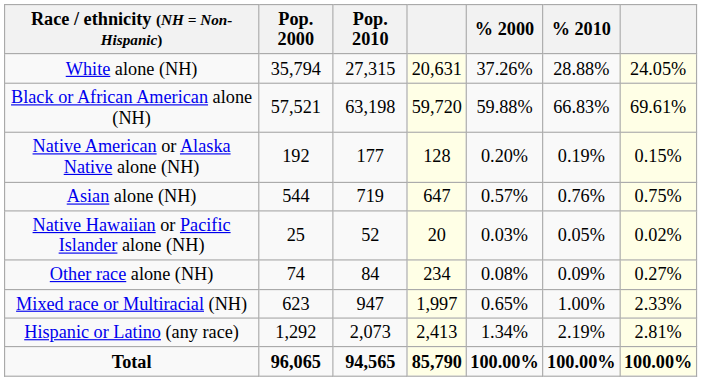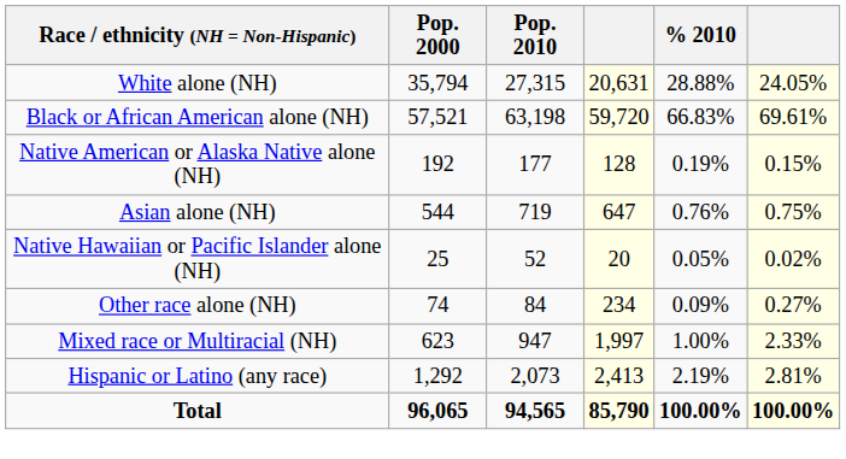 <table class="wikitable" style="text-align:center;">
 <tr>
 <th>Race / ethnicity <small>(<em>NH = Non-Hispanic</em>)</small></th>
 <th>Pop. 2000</th>
 <th>Pop. 2010</th>
 <th></th>
-<th>% 2000</th>
 <th>% 2010</th>
 <th></th>
 </tr>
 <tr>
 <td><a href='#'>White</a> alone (NH)</td>
 <td>35,794</td>
 <td>27,315</td>
 <td style='background: #ffffe6;'>20,631</td>
-<td>37.26%</td>
 <td>28.88%</td>
 <td style='background: #ffffe6;'>24.05%</td>
 </tr>
 <tr>
 <td><a href='#'>Black or African American</a> alone (NH)</td>
 <td>57,521</td>
 <td>63,198</td>
 <td style='background: #ffffe6;'>59,720</td>
-<td>59.88%</td>
 <td>66.83%</td>
 <td style='background: #ffffe6;'>69.61%</td>
 </tr>
 <tr>
 <td><a href='#'>Native American</a> or <a href='#'>Alaska Native</a> alone (NH)</td>
 <td>192</td>
 <td>177</td>
 <td style='background: #ffffe6;'>128</td>
-<td>0.20%</td>
 <td>0.19%</td>
 <td style='background: #ffffe6;'>0.15%</td>
 </tr>
 <tr>
 <td><a href='#'>Asian</a> alone (NH)</td>
 <td>544</td>
 <td>719</td>
 <td style='background: #ffffe6;'>647</td>
-<td>0.57%</td>
 <td>0.76%</td>
 <td style='background: #ffffe6;'>0.75%</td>
 </tr>
 <tr>
 <td><a href='#'>Native Hawaiian</a> or <a href='#'>Pacific Islander</a> alone (NH)</td>
 <td>25</td>
 <td>52</td>
 <td style='background: #ffffe6;'>20</td>
-<td>0.03%</td>
 <td>0.05%</td>
 <td style='background: #ffffe6;'>0.02%</td>
 </tr>
 <tr>
 <td><a href='#'>Other race</a> alone (NH)</td>
 <td>74</td>
 <td>84</td>
 <td style='background: #ffffe6;'>234</td>
-<td>0.08%</td>
 <td>0.09%</td>
 <td style='background: #ffffe6;'>0.27%</td>
 </tr>
 <tr>
 <td><a href='#'>Mixed race or Multiracial</a> (NH)</td>
 <td>623</td>
 <td>947</td>
 <td style='background: #ffffe6;'>1,997</td>
-<td>0.65%</td>
 <td>1.00%</td>
 <td style='background: #ffffe6;'>2.33%</td>
 </tr>
 <tr>
 <td><a href='#'>Hispanic or Latino</a> (any race)</td>
 <td>1,292</td>
 <td>2,073</td>
 <td style='background: #ffffe6;'>2,413</td>
-<td>1.34%</td>
 <td>2.19%</td>
 <td style='background: #ffffe6;'>2.81%</td>
 </tr>
 <tr>
 <td><strong>Total</strong></td>
 <td><strong>96,065</strong></td>
 <td><strong>94,565</strong></td>
 <td style='background: #ffffe6;'><strong>85,790</strong></td>
 <td><strong>100.00%</strong></td>
-<td><strong>100.00%</strong></td>
 <td style='background: #ffffe6;'><strong>100.00%</strong></td>
 </tr>
 </table>
